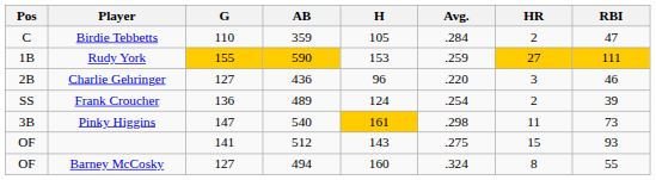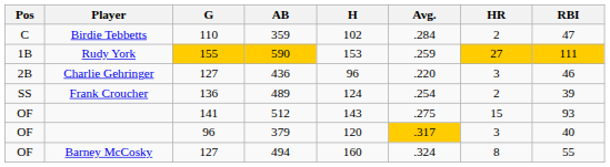 <table class="wikitable sortable">
 <tr>
 <th bgcolor="#DDDDFF" width="5%">Pos</th>
 <th bgcolor="#DDDDFF" width="16%">Player</th>
 <th bgcolor="#DDDDFF" width="9%">G</th>
 <th bgcolor="#DDDDFF" width="9%">AB</th>
 <th bgcolor="#DDDDFF" width="9%">H</th>
 <th bgcolor="#DDDDFF" width="9%">Avg.</th>
 <th bgcolor="#DDDDFF" width="9%">HR</th>
 <th bgcolor="#DDDDFF" width="9%">RBI</th>
 </tr>
 <tr align="center">
 <td>C</td>
 <td><a href='#'>Birdie Tebbetts</a></td>
 <td>110</td>
 <td>359</td>
-<td>105</td>
+<td>102</td>
 <td>.284</td>
 <td>2</td>
 <td>47</td>
 </tr>
 <tr align="center">
 <td>1B</td>
 <td><a href='#'>Rudy York</a></td>
 <td style="background:#fc0;">155</td>
 <td style="background:#fc0;">590</td>
 <td>153</td>
 <td>.259</td>
 <td style="background:#fc0;">27</td>
 <td style="background:#fc0;">111</td>
 </tr>
 <tr align="center">
 <td>2B</td>
 <td><a href='#'>Charlie Gehringer</a></td>
 <td>127</td>
 <td>436</td>
 <td>96</td>
 <td>.220</td>
 <td>3</td>
 <td>46</td>
 </tr>
 <tr align="center">
 <td>SS</td>
 <td><a href='#'>Frank Croucher</a></td>
 <td>136</td>
 <td>489</td>
 <td>124</td>
 <td>.254</td>
 <td>2</td>
 <td>39</td>
 </tr>
 <tr align="center">
-<td>3B</td>
-<td><a href='#'>Pinky Higgins</a></td>
-<td>147</td>
-<td>540</td>
-<td style="background:#fc0;">161</td>
-<td>.298</td>
-<td>11</td>
-<td>73</td>
-</tr>
-<tr align="center">
 <td>OF</td>
 <td></td>
 <td>141</td>
 <td>512</td>
 <td>143</td>
 <td>.275</td>
 <td>15</td>
 <td>93</td>
+</tr>
+<tr align="center">
+<td>OF</td>
+<td></td>
+<td>96</td>
+<td>379</td>
+<td>120</td>
+<td style="background:#fc0;">.317</td>
+<td>3</td>
+<td>40</td>
 </tr>
 <tr align="center">
 <td>OF</td>
 <td><a href='#'>Barney McCosky</a></td>
 <td>127</td>
 <td>494</td>
 <td>160</td>
 <td>.324</td>
 <td>8</td>
 <td>55</td>
 </tr>
 </table>
